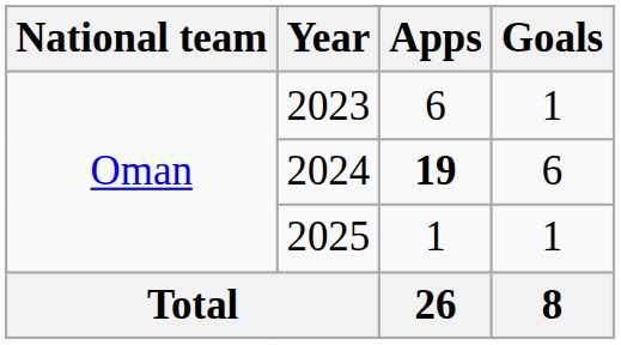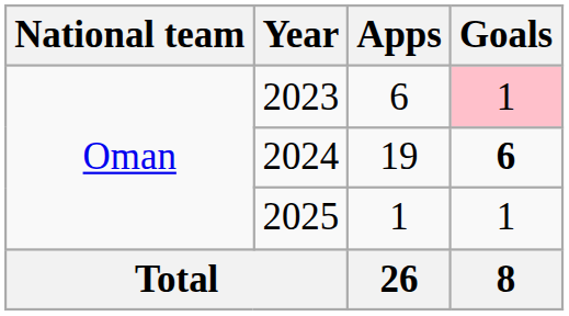 <table class="wikitable" style="text-align: center;">
 <tr>
 <th>National team</th>
 <th>Year</th>
 <th>Apps</th>
 <th>Goals</th>
 </tr>
 <tr>
 <td rowspan=3><a href='#'>Oman</a></td>
 <td>2023</td>
 <td>6</td>
-<td>1</td>
+<td style="background: pink;">1</td>
 </tr>
 <tr>
 <td>2024</td>
-<td><strong>19</strong></td>
-<td>6</td>
+<td>19</td>
+<td><strong>6</strong></td>
 </tr>
 <tr>
 <td>2025</td>
 <td>1</td>
 <td>1</td>
 </tr>
 <tr>
 <th colspan=2>Total</th>
 <th>26</th>
 <th>8</th>
 </tr>
 </table>
